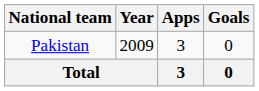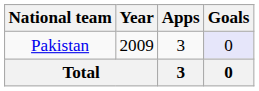 <table class="wikitable" style="text-align:center">
 <tr>
 <th>National team</th>
 <th>Year</th>
 <th>Apps</th>
 <th>Goals</th>
 </tr>
 <tr>
 <td><a href='#'>Pakistan</a></td>
 <td>2009</td>
 <td>3</td>
-<td>0</td>
+<td style="background: lavender;">0</td>
 </tr>
 <tr>
 <th colspan="2">Total</th>
 <th>3</th>
 <th>0</th>
 </tr>
 </table>
